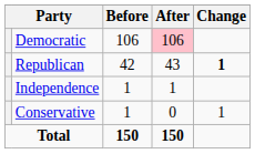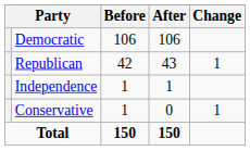 <table class="wikitable" style="text-align:center;">
 <tr>
 </tr>
 <tr>
 <th colspan=2>Party</th>
 <th>Before</th>
 <th>After</th>
 <th>Change</th>
 </tr>
 <tr>
 <th style="background-color:"></th>
 <td style="text-align:left;"><a href='#'>Democratic</a></td>
 <td>106</td>
-<td style="background: pink;">106</td>
+<td>106</td>
 <td></td>
 </tr>
 <tr>
 <th style="background-color:"></th>
 <td style="text-align:left;"><a href='#'>Republican</a></td>
 <td>42</td>
 <td>43</td>
-<td><strong> 1</strong></td>
+<td> 1</td>
 </tr>
 <tr>
 <th style="background-color:"></th>
 <td style="text-align:left;"><a href='#'>Independence</a></td>
 <td>1</td>
 <td>1</td>
 <td></td>
 </tr>
 <tr>
 <th style="background-color:"></th>
 <td style="text-align:left;"><a href='#'>Conservative</a></td>
 <td>1</td>
 <td>0</td>
 <td> 1</td>
 </tr>
 <tr>
 <td colspan=2><strong>Total</strong></td>
 <td><strong>150</strong></td>
 <td><strong>150</strong></td>
 <td></td>
 </tr>
 </table>
